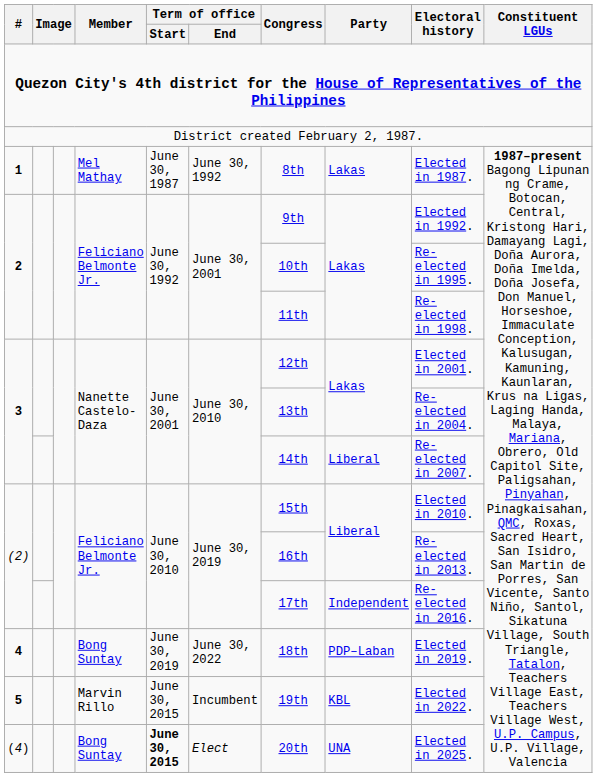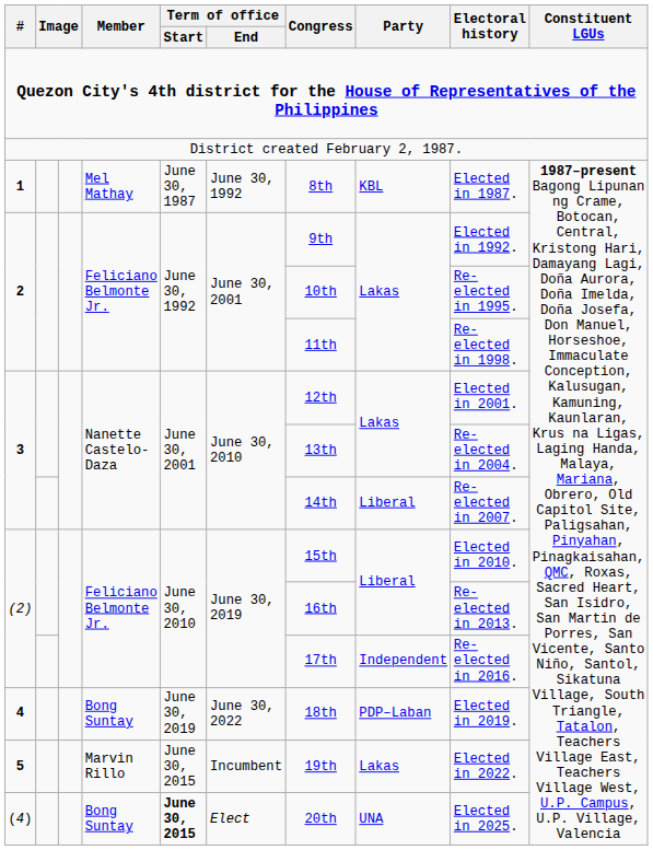 <table class="wikitable">
 <tr>
 <th rowspan="2">#</th>
 <th colspan="2" rowspan="2">Image</th>
 <th rowspan="2">Member</th>
 <th colspan="2">Term of office</th>
 <th rowspan="2">Congress</th>
 <th rowspan="2">Party</th>
 <th rowspan="2">Electoral history</th>
 <th rowspan="2" style="width:33%;">Constituent<br><a href='#'>LGUs</a></th>
 </tr>
 <tr>
 <th>Start</th>
 <th>End</th>
 </tr>
 <tr>
 <td colspan="10" style="text-align:center;"><br><h3>Quezon City's 4th district for the <a href='#'>House of Representatives of the Philippines</a></h3></td>
 </tr>
 <tr>
 <td colspan="10" style="text-align:center;">District created February 2, 1987.</td>
 </tr>
 <tr>
 <td style="text-align:center;"><strong>1</strong></td>
 <td style="color:inherit;background:"></td>
 <td></td>
 <td><a href='#'>Mel Mathay</a></td>
 <td>June 30, 1987</td>
 <td>June 30, 1992</td>
 <td style="text-align:center;"><a href='#'>8th</a></td>
-<td><a href='#'>Lakas</a></td>
+<td><a href='#'>KBL</a></td>
 <td><a href='#'>Elected in 1987</a>.</td>
 <td rowspan="13" style="text-align:center;"><strong>1987–present</strong><br>Bagong Lipunan ng Crame, Botocan, Central, Kristong Hari, Damayang Lagi, Doña Aurora, Doña Imelda, Doña Josefa, Don Manuel, Horseshoe, Immaculate Conception, Kalusugan, Kamuning, Kaunlaran, Krus na Ligas, Laging Handa, Malaya, <a href='#'>Mariana</a>, Obrero, Old Capitol Site, Paligsahan, <a href='#'>Pinyahan</a>, Pinagkaisahan, <a href='#'>QMC</a>, Roxas, Sacred Heart, San Isidro, San Martin de Porres, San Vicente, Santo Niño, Santol, Sikatuna Village, South Triangle, <a href='#'>Tatalon</a>, Teachers Village East, Teachers Village West, <a href='#'>U.P. Campus</a>, U.P. Village, Valencia</td>
 </tr>
 <tr>
 <td style="text-align:center;" rowspan="3"><strong>2</strong></td>
 <td rowspan="3" style="color:inherit;background:"></td>
 <td rowspan="3"></td>
 <td rowspan="3"><a href='#'>Feliciano Belmonte Jr.</a></td>
 <td rowspan="3">June 30, 1992</td>
 <td rowspan="3">June 30, 2001</td>
 <td style="text-align:center;"><a href='#'>9th</a></td>
 <td rowspan="3"><a href='#'>Lakas</a></td>
 <td><a href='#'>Elected in 1992</a>.</td>
 </tr>
 <tr>
 <td style="text-align:center;"><a href='#'>10th</a></td>
 <td><a href='#'>Re-elected in 1995</a>.</td>
 </tr>
 <tr>
 <td style="text-align:center;"><a href='#'>11th</a></td>
 <td><a href='#'>Re-elected in 1998</a>.</td>
 </tr>
 <tr>
 <td style="text-align:center;" rowspan="3"><strong>3</strong></td>
 <td rowspan="2" style="color:inherit;background:"></td>
 <td rowspan="3"></td>
 <td rowspan="3">Nanette Castelo-Daza</td>
 <td rowspan="3">June 30, 2001</td>
 <td rowspan="3">June 30, 2010</td>
 <td style="text-align:center;"><a href='#'>12th</a></td>
 <td rowspan="2"><a href='#'>Lakas</a></td>
 <td><a href='#'>Elected in 2001</a>.</td>
 </tr>
 <tr>
 <td style="text-align:center;"><a href='#'>13th</a></td>
 <td><a href='#'>Re-elected in 2004</a>.</td>
 </tr>
 <tr>
 <td style="color:inherit;background:"></td>
 <td style="text-align:center;"><a href='#'>14th</a></td>
 <td><a href='#'>Liberal</a></td>
 <td><a href='#'>Re-elected in 2007</a>.</td>
 </tr>
 <tr>
 <td style="text-align:center;" rowspan="3"><em>(2)</em></td>
 <td rowspan="2" style="color:inherit;background:"></td>
 <td rowspan="3"></td>
 <td rowspan="3"><a href='#'>Feliciano Belmonte Jr.</a></td>
 <td rowspan="3">June 30, 2010</td>
 <td rowspan="3">June 30, 2019</td>
 <td style="text-align:center;"><a href='#'>15th</a></td>
 <td rowspan="2"><a href='#'>Liberal</a></td>
 <td><a href='#'>Elected in 2010</a>.</td>
 </tr>
 <tr>
 <td style="text-align:center;"><a href='#'>16th</a></td>
 <td><a href='#'>Re-elected in 2013</a>.</td>
 </tr>
 <tr>
 <td style="color:inherit;background:"></td>
 <td style="text-align:center;"><a href='#'>17th</a></td>
 <td><a href='#'>Independent</a></td>
 <td><a href='#'>Re-elected in 2016</a>.</td>
 </tr>
 <tr>
 <td style="text-align:center;"><strong>4</strong></td>
 <td style="color:inherit;background:"></td>
 <td></td>
 <td><a href='#'>Bong Suntay</a></td>
 <td>June 30, 2019</td>
 <td>June 30, 2022</td>
 <td style="text-align:center;"><a href='#'>18th</a></td>
 <td><a href='#'>PDP–Laban</a></td>
 <td><a href='#'>Elected in 2019</a>.</td>
 </tr>
 <tr>
 <td style="text-align:center;"><strong>5</strong></td>
 <td style="color:inherit;background:"></td>
 <td></td>
 <td>Marvin Rillo</td>
 <td>June 30, 2015</td>
 <td>Incumbent</td>
 <td style="text-align:center;"><a href='#'>19th</a></td>
-<td><a href='#'>KBL</a></td>
+<td><a href='#'>Lakas</a></td>
 <td><a href='#'>Elected in 2022</a>.</td>
 </tr>
 <tr>
 <td style="text-align:center;">(<em>4</em>)</td>
 <td style="color:inherit;background:"></td>
 <td></td>
 <td><a href='#'>Bong Suntay</a></td>
 <td><strong>June 30, 2015</strong></td>
 <td><em>Elect</em></td>
 <td style="text-align:center;"><a href='#'>20th</a></td>
 <td><a href='#'>UNA</a></td>
 <td><a href='#'>Elected in 2025</a>.</td>
 </tr>
 </table>
